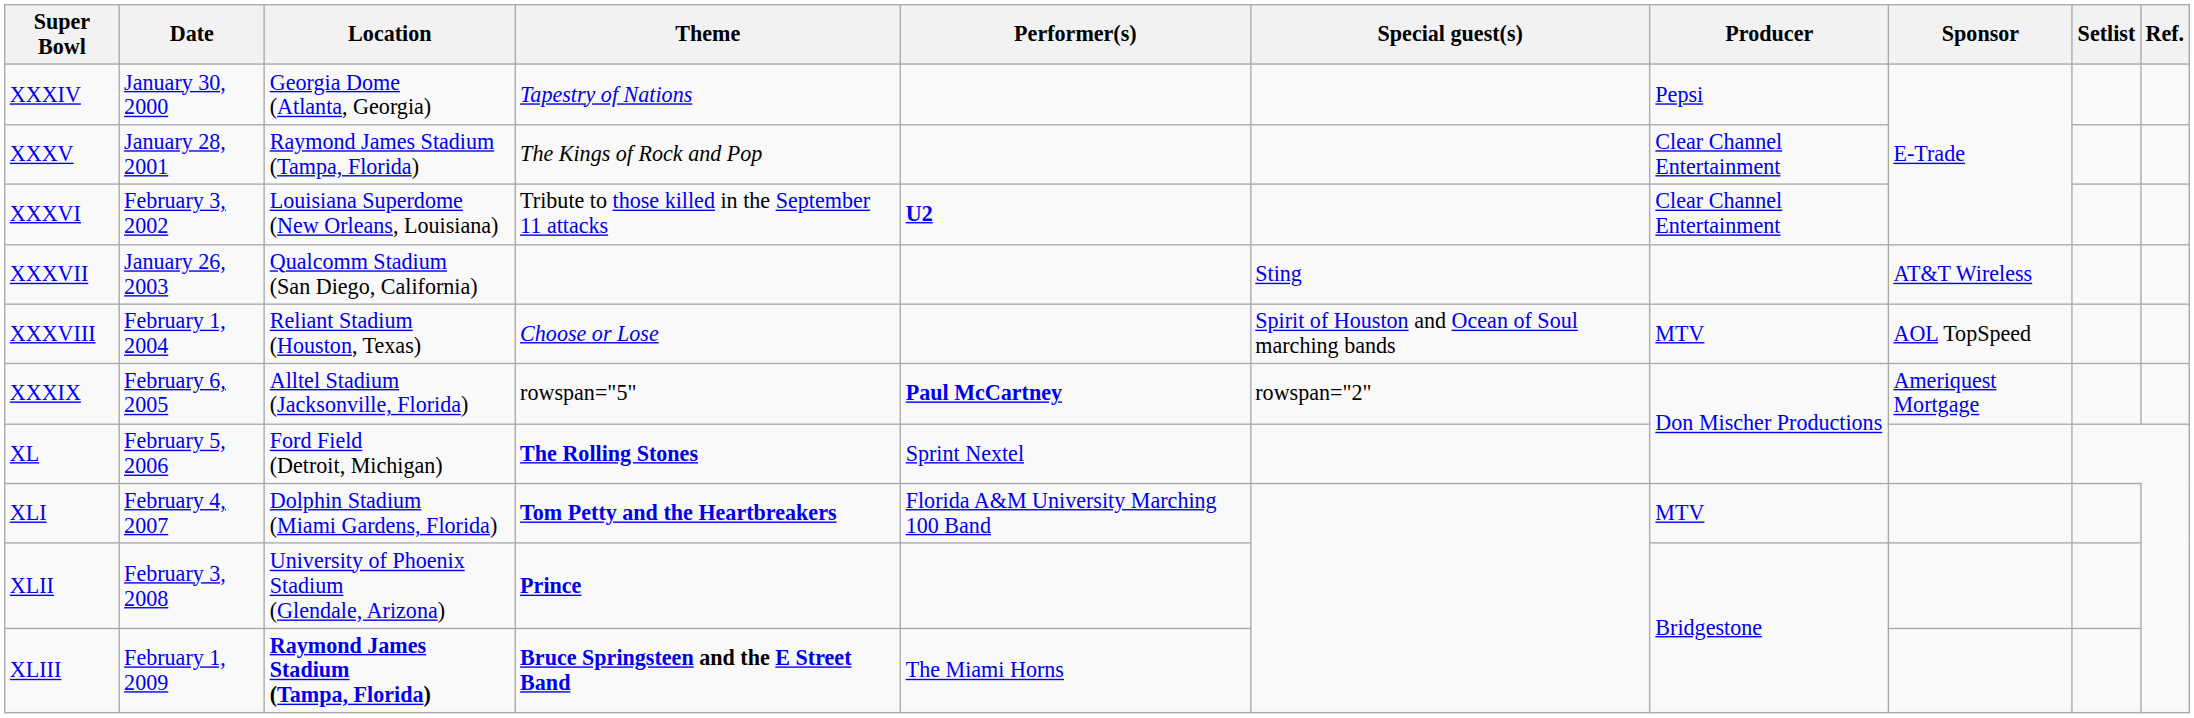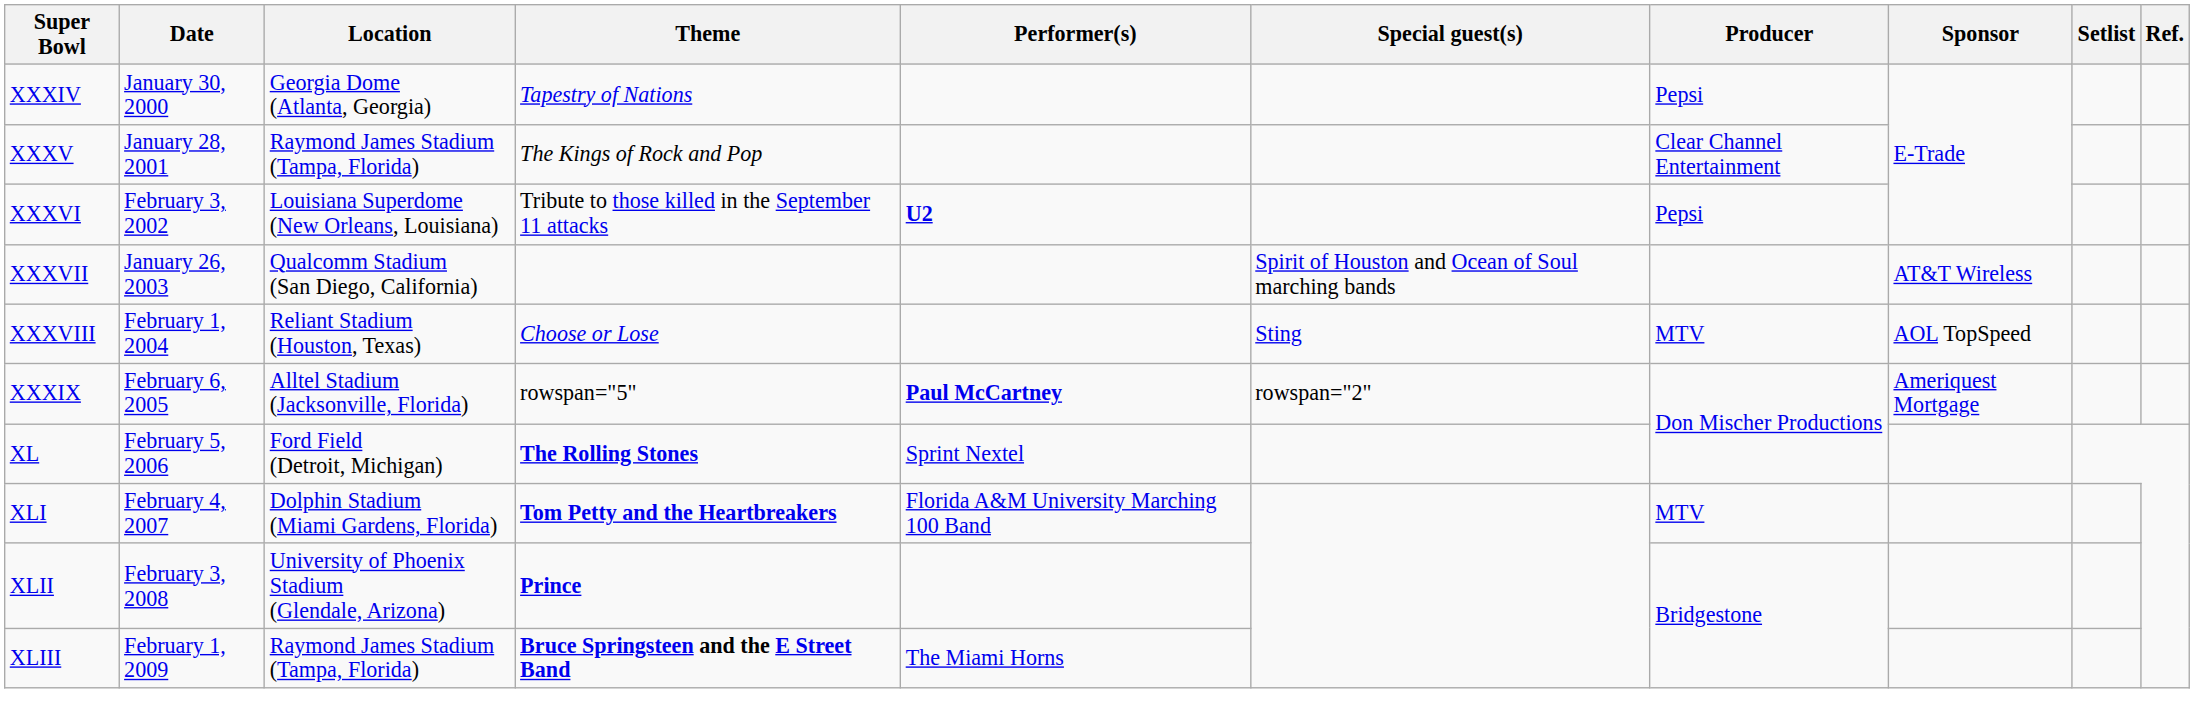 <table class="wikitable" style="width: 100%; ">
 <tr>
 <th>Super Bowl</th>
 <th>Date</th>
 <th>Location</th>
 <th>Theme</th>
 <th>Performer(s)</th>
 <th>Special guest(s)</th>
 <th>Producer</th>
 <th>Sponsor</th>
 <th>Setlist</th>
 <th>Ref.</th>
 </tr>
 <tr>
 <td><a href='#'>XXXIV</a><br></td>
 <td><a href='#'>January 30, 2000</a></td>
 <td><a href='#'>Georgia Dome</a><br>(<a href='#'>Atlanta</a>, Georgia)</td>
 <td><em><a href='#'>Tapestry of Nations</a></em></td>
 <td></td>
 <td></td>
 <td><a href='#'>Pepsi</a></td>
 <td rowspan="3"><a href='#'>E-Trade</a></td>
 <td></td>
 <td></td>
 </tr>
 <tr>
 <td><a href='#'>XXXV</a><br></td>
 <td><a href='#'>January 28, 2001</a></td>
 <td><a href='#'>Raymond James Stadium</a><br>(<a href='#'>Tampa, Florida</a>)</td>
 <td><em>The Kings of Rock and Pop</em></td>
 <td></td>
 <td></td>
 <td><a href='#'>Clear Channel Entertainment</a></td>
 <td></td>
 <td></td>
 </tr>
 <tr>
 <td><a href='#'>XXXVI</a><br></td>
 <td><a href='#'>February 3, 2002</a></td>
 <td><a href='#'>Louisiana Superdome</a><br>(<a href='#'>New Orleans</a>, Louisiana)</td>
 <td>Tribute to <a href='#'>those killed</a> in the <a href='#'>September 11 attacks</a></td>
 <td><strong><a href='#'>U2</a></strong></td>
 <td></td>
-<td><a href='#'>Clear Channel Entertainment</a></td>
+<td><a href='#'>Pepsi</a></td>
 <td></td>
 <td></td>
 </tr>
 <tr>
 <td><a href='#'>XXXVII</a><br></td>
 <td><a href='#'>January 26, 2003</a></td>
 <td><a href='#'>Qualcomm Stadium</a><br>(San Diego, California)</td>
 <td></td>
 <td></td>
-<td><a href='#'>Sting</a></td>
+<td><a href='#'>Spirit of Houston</a> and <a href='#'>Ocean of Soul</a> marching bands</td>
 <td></td>
 <td><a href='#'>AT&T Wireless</a></td>
 <td></td>
 <td></td>
 </tr>
 <tr>
 <td><a href='#'>XXXVIII</a><br></td>
 <td><a href='#'>February 1, 2004</a></td>
 <td><a href='#'>Reliant Stadium</a><br>(<a href='#'>Houston</a>, Texas)</td>
 <td><em><a href='#'>Choose or Lose</a></em></td>
 <td></td>
-<td><a href='#'>Spirit of Houston</a> and <a href='#'>Ocean of Soul</a> marching bands</td>
+<td><a href='#'>Sting</a></td>
 <td><a href='#'>MTV</a></td>
 <td><a href='#'>AOL</a> TopSpeed</td>
 <td></td>
 <td></td>
 </tr>
 <tr>
 <td><a href='#'>XXXIX</a></td>
 <td><a href='#'>February 6, 2005</a></td>
 <td><a href='#'>Alltel Stadium</a><br>(<a href='#'>Jacksonville, Florida</a>)</td>
 <td>rowspan="5" </td>
 <td><strong><a href='#'>Paul McCartney</a></strong></td>
 <td>rowspan="2" </td>
 <td rowspan="2"><a href='#'>Don Mischer Productions</a></td>
 <td><a href='#'>Ameriquest Mortgage</a></td>
 <td></td>
 <td></td>
 </tr>
 <tr>
 <td><a href='#'>XL</a><br></td>
 <td><a href='#'>February 5, 2006</a></td>
 <td><a href='#'>Ford Field</a><br>(Detroit, Michigan)</td>
 <td><strong><a href='#'>The Rolling Stones</a></strong></td>
 <td><a href='#'>Sprint Nextel</a></td>
 <td></td>
 <td></td>
 </tr>
 <tr>
 <td><a href='#'>XLI</a><br></td>
 <td><a href='#'>February 4, 2007</a></td>
 <td><a href='#'>Dolphin Stadium</a><br>(<a href='#'>Miami Gardens, Florida</a>)</td>
 <td><strong><a href='#'>Tom Petty and the Heartbreakers</a></strong></td>
 <td><a href='#'>Florida A&M University Marching 100 Band</a></td>
 <td rowspan="3"></td>
 <td><a href='#'>MTV</a></td>
 <td></td>
 <td></td>
 </tr>
 <tr>
 <td><a href='#'>XLII</a></td>
 <td><a href='#'>February 3, 2008</a></td>
 <td><a href='#'>University of Phoenix Stadium</a><br>(<a href='#'>Glendale, Arizona</a>)</td>
 <td><strong><a href='#'>Prince</a></strong></td>
 <td></td>
 <td rowspan="2"><a href='#'>Bridgestone</a></td>
 <td></td>
 <td></td>
 </tr>
 <tr>
 <td><a href='#'>XLIII</a></td>
 <td><a href='#'>February 1, 2009</a></td>
-<td><strong><a href='#'>Raymond James Stadium</a><br>(<a href='#'>Tampa, Florida</a>)</strong></td>
+<td><a href='#'>Raymond James Stadium</a><br>(<a href='#'>Tampa, Florida</a>)</td>
 <td><strong><a href='#'>Bruce Springsteen</a> and the <a href='#'>E Street Band</a></strong></td>
 <td><a href='#'>The Miami Horns</a></td>
 <td></td>
 <td></td>
 </tr>
 </table>
